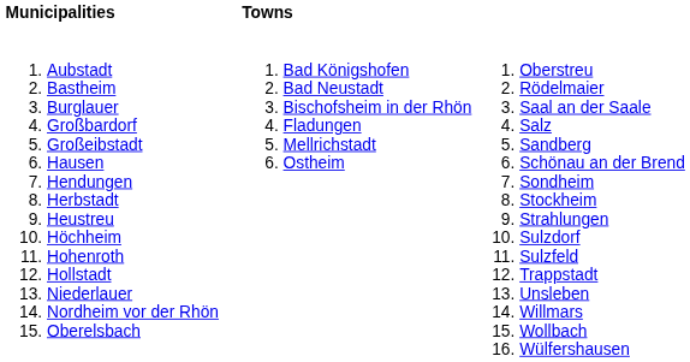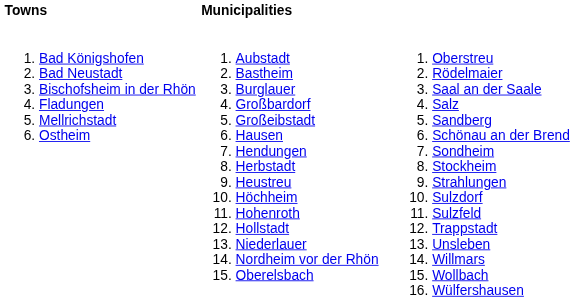 <table>
 <tr>
+<th style="width:33%; text-align:left;">Towns</th>
 <th style="width:33%; text-align:left;">Municipalities</th>
-<th style="width:33%; text-align:left;">Towns</th>
 <th style="width:33%; text-align:left;"></th>
 </tr>
 <tr valign=top>
+<td><br><ol><li><a href='#'>Bad Königshofen</a></li><li><a href='#'>Bad Neustadt</a></li><li><a href='#'>Bischofsheim in der Rhön</a></li><li><a href='#'>Fladungen</a></li><li><a href='#'>Mellrichstadt</a></li><li><a href='#'>Ostheim</a></li></ol></td>
 <td><br><ol><li><a href='#'>Aubstadt</a></li><li><a href='#'>Bastheim</a></li><li><a href='#'>Burglauer</a></li><li><a href='#'>Großbardorf</a></li><li><a href='#'>Großeibstadt</a></li><li><a href='#'>Hausen</a></li><li><a href='#'>Hendungen</a></li><li><a href='#'>Herbstadt</a></li><li><a href='#'>Heustreu</a></li><li><a href='#'>Höchheim</a></li><li><a href='#'>Hohenroth</a></li><li><a href='#'>Hollstadt</a></li><li><a href='#'>Niederlauer</a></li><li><a href='#'>Nordheim vor der Rhön</a></li><li><a href='#'>Oberelsbach</a></li></ol></td>
-<td><br><ol><li><a href='#'>Bad Königshofen</a></li><li><a href='#'>Bad Neustadt</a></li><li><a href='#'>Bischofsheim in der Rhön</a></li><li><a href='#'>Fladungen</a></li><li><a href='#'>Mellrichstadt</a></li><li><a href='#'>Ostheim</a></li></ol></td>
 <td><br><ol> <li><a href='#'>Oberstreu</a> <li><a href='#'>Rödelmaier</a> <li><a href='#'>Saal an der Saale</a> <li><a href='#'>Salz</a> <li><a href='#'>Sandberg</a> <li><a href='#'>Schönau an der Brend</a> <li><a href='#'>Sondheim</a> <li><a href='#'>Stockheim</a> <li><a href='#'>Strahlungen</a> <li><a href='#'>Sulzdorf</a> <li><a href='#'>Sulzfeld</a> <li><a href='#'>Trappstadt</a> <li><a href='#'>Unsleben</a> <li><a href='#'>Willmars</a> <li><a href='#'>Wollbach</a> <li><a href='#'>Wülfershausen</a> </ol></td>
 </tr>
 </table>
